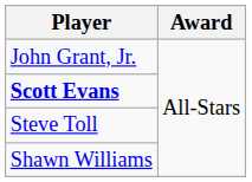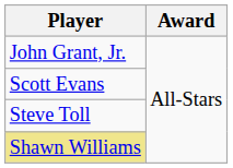 <table class="wikitable">
 <tr>
 <th>Player</th>
 <th>Award</th>
 </tr>
 <tr>
 <td><a href='#'>John Grant, Jr.</a></td>
 <td rowspan=4>All-Stars</td>
 </tr>
 <tr>
-<td><strong><a href='#'>Scott Evans</a></strong></td>
+<td><a href='#'>Scott Evans</a></td>
 </tr>
 <tr>
 <td><a href='#'>Steve Toll</a></td>
 </tr>
 <tr>
-<td><a href='#'>Shawn Williams</a></td>
+<td style="background: khaki;"><a href='#'>Shawn Williams</a></td>
 </tr>
 </table>
